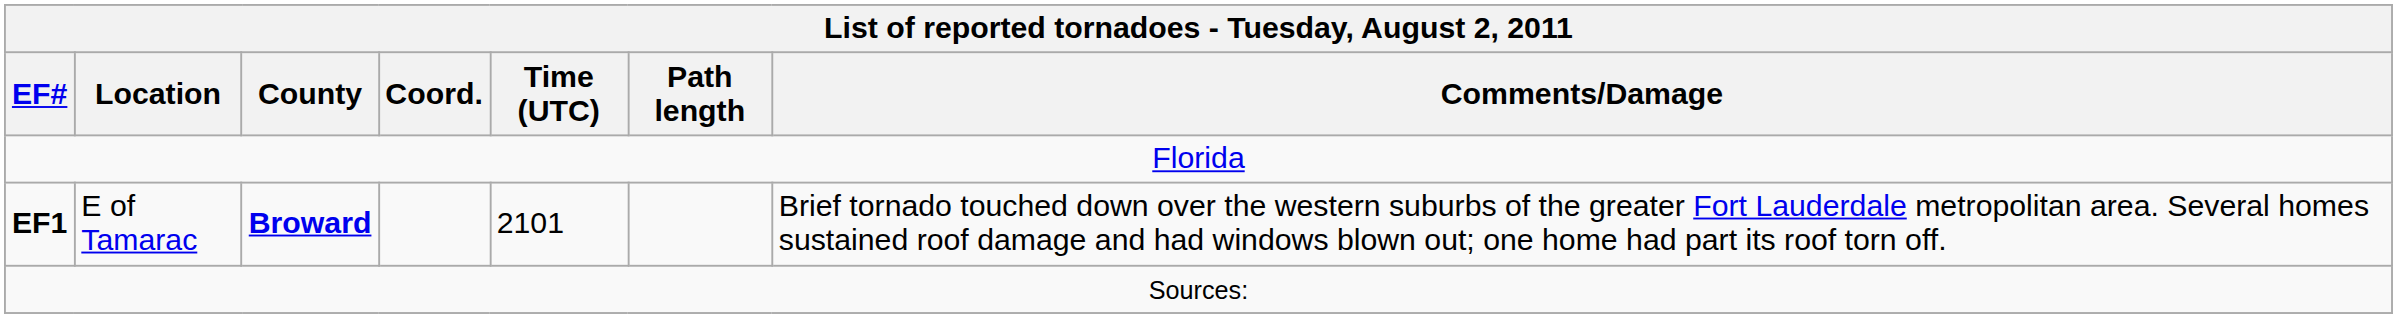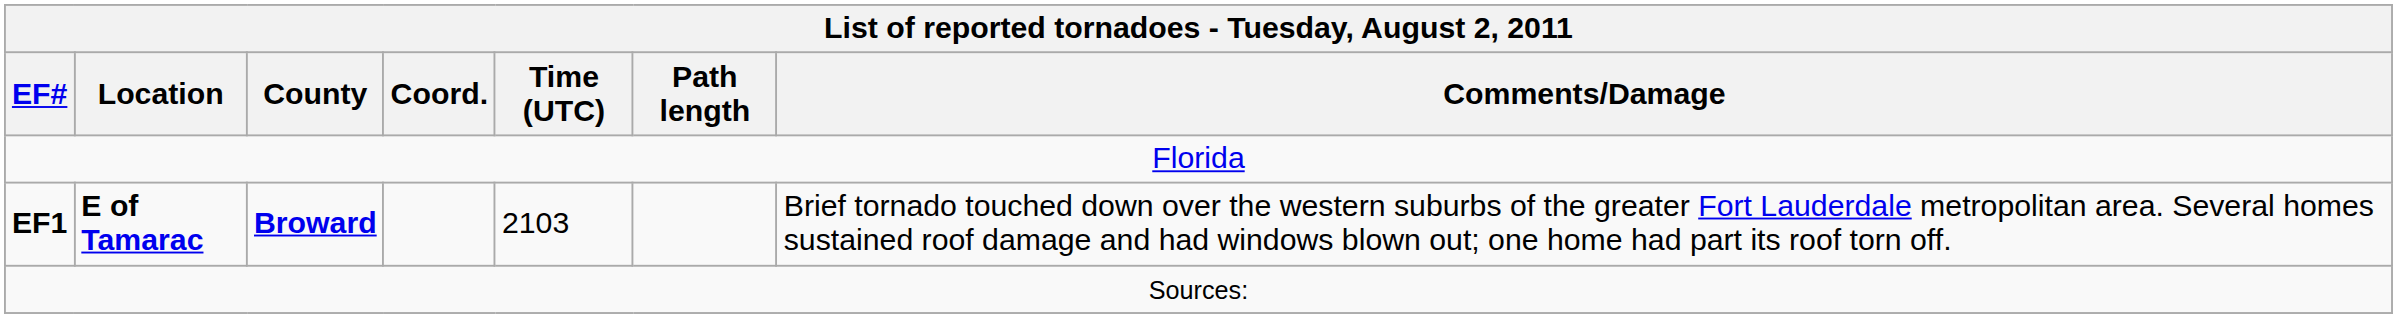 <table class="wikitable collapsible" width="100%">
 <tr>
 <th colspan="7">List of reported tornadoes - Tuesday, August 2, 2011</th>
 </tr>
 <tr>
 <th><a href='#'>EF#</a></th>
 <th>Location</th>
 <th>County</th>
 <th>Coord.</th>
 <th>Time (UTC)</th>
 <th>Path length</th>
 <th>Comments/Damage</th>
 </tr>
 <tr>
 <td colspan="7" align=center><a href='#'>Florida</a></td>
 </tr>
 <tr>
 <td><strong>EF1</strong></td>
-<td>E of <a href='#'>Tamarac</a></td>
+<td><strong>E of <a href='#'>Tamarac</a></strong></td>
 <td><strong><a href='#'>Broward</a></strong></td>
 <td></td>
-<td>2101</td>
+<td>2103</td>
 <td></td>
 <td>Brief tornado touched down over the western suburbs of the greater <a href='#'>Fort Lauderdale</a> metropolitan area. Several homes sustained roof damage and had windows blown out; one home had part its roof torn off.</td>
 </tr>
 <tr>
 <td colspan="7" align=center><small>Sources:  </small></td>
 </tr>
 </table>
